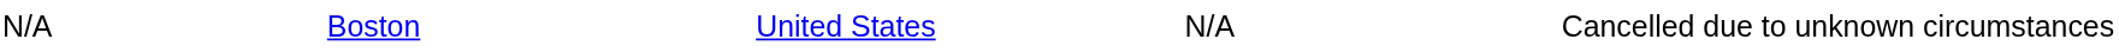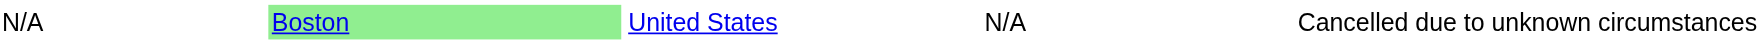 <table cellpadding="2" style="border: 0px solid darkgray; font-size:90%">
 <tr>
 <th width="150"></th>
 <th width="200"></th>
 <th width="200"></th>
 <th width="175"></th>
 <th width="600"></th>
 </tr>
 <tr border="0">
 <td>N/A</td>
-<td><a href='#'>Boston</a></td>
+<td style="background: lightgreen;"><a href='#'>Boston</a></td>
 <td><a href='#'>United States</a></td>
 <td>N/A</td>
 <td>Cancelled due to unknown circumstances</td>
 </tr>
 </table>
